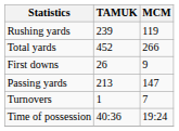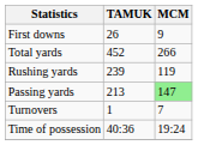 <table class="wikitable">
 <tr>
 <th>Statistics</th>
 <th>TAMUK</th>
 <th>MCM</th>
 </tr>
 <tr>
-<td>Rushing yards</td>
-<td>239</td>
-<td>119</td>
+<td>First downs</td>
+<td>26</td>
+<td>9</td>
 </tr>
 <tr>
 <td>Total yards</td>
 <td>452</td>
 <td>266</td>
 </tr>
 <tr>
-<td>First downs</td>
-<td>26</td>
-<td>9</td>
+<td>Rushing yards</td>
+<td>239</td>
+<td>119</td>
 </tr>
 <tr>
 <td>Passing yards</td>
 <td>213</td>
-<td>147</td>
+<td style="background: lightgreen;">147</td>
 </tr>
 <tr>
 <td>Turnovers</td>
 <td>1</td>
 <td>7</td>
 </tr>
 <tr>
 <td>Time of possession</td>
 <td>40:36</td>
 <td>19:24</td>
 </tr>
 <tr>
 </tr>
 </table>
